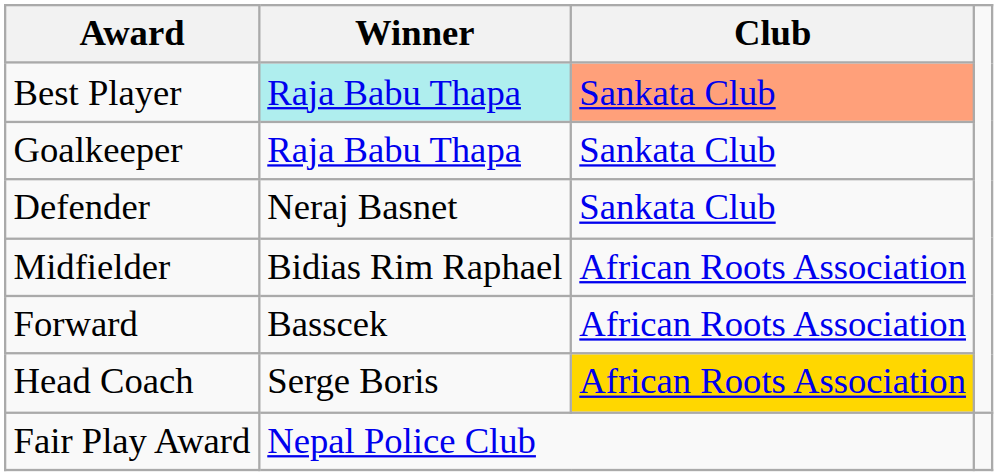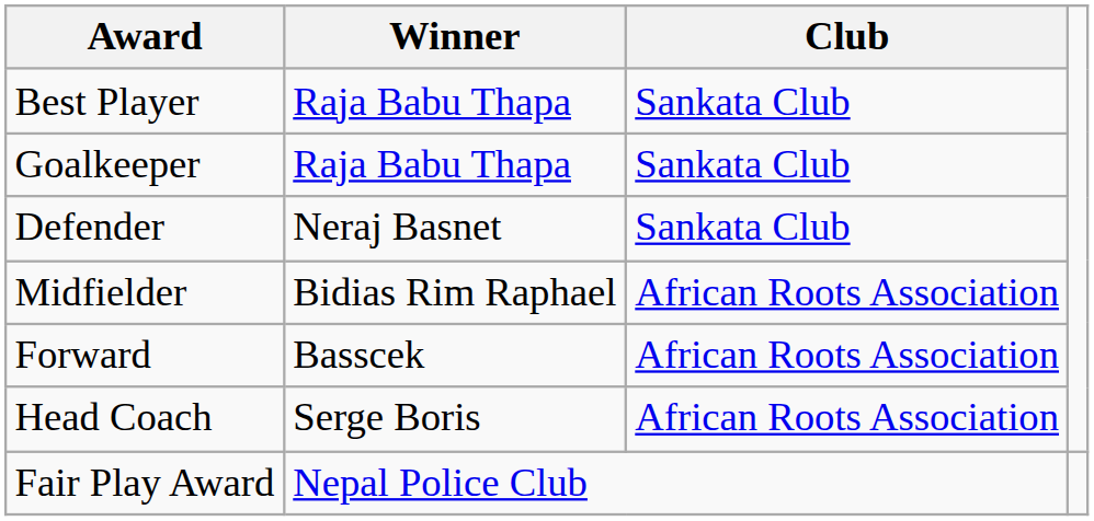 <table class="wikitable">
 <tr>
 <th>Award</th>
 <th>Winner</th>
 <th>Club</th>
 </tr>
 <tr>
 <td>Best Player</td>
-<td style="background: paleturquoise;"> <a href='#'>Raja Babu Thapa</a></td>
-<td style="background: lightsalmon;"><a href='#'>Sankata Club</a></td>
+<td> <a href='#'>Raja Babu Thapa</a></td>
+<td><a href='#'>Sankata Club</a></td>
 </tr>
 <tr>
 <td>Goalkeeper</td>
 <td> <a href='#'>Raja Babu Thapa</a></td>
 <td><a href='#'>Sankata Club</a></td>
 </tr>
 <tr>
 <td>Defender</td>
 <td> Neraj Basnet</td>
 <td><a href='#'>Sankata Club</a></td>
 </tr>
 <tr>
 <td>Midfielder</td>
 <td> Bidias Rim Raphael</td>
 <td><a href='#'>African Roots Association</a></td>
 </tr>
 <tr>
 <td>Forward</td>
 <td> Basscek</td>
 <td><a href='#'>African Roots Association</a></td>
 </tr>
 <tr>
 <td>Head Coach</td>
 <td>Serge Boris</td>
-<td style="background: gold;"><a href='#'>African Roots Association</a></td>
+<td><a href='#'>African Roots Association</a></td>
 </tr>
 <tr>
 <td>Fair Play Award</td>
 <td colspan="2"><a href='#'>Nepal Police Club</a></td>
 <td></td>
 </tr>
 </table>
